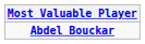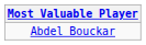 <table class=wikitable style="text-align:center; margin:auto">
 <tr>
 <th><a href='#'>Most Valuable Player</a></th>
 </tr>
 <tr>
-<td><strong> <a href='#'>Abdel Bouckar</a></strong></td>
+<td> <a href='#'>Abdel Bouckar</a></td>
 </tr>
 </table>
